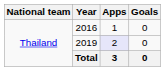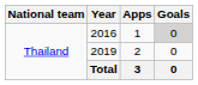 <table class="wikitable" style="text-align:center">
 <tr>
 <th>National team</th>
 <th>Year</th>
 <th>Apps</th>
 <th>Goals</th>
 </tr>
 <tr>
 <td rowspan="3" valign="center"><a href='#'>Thailand</a></td>
 <td>2016</td>
 <td>1</td>
-<td>0</td>
+<td style="background: lightgrey;">0</td>
 </tr>
 <tr>
 <td>2019</td>
-<td style="background: lavender;">2</td>
+<td>2</td>
 <td>0</td>
 </tr>
 <tr>
 <th>Total</th>
 <th>3</th>
 <th>0</th>
 </tr>
 </table>
